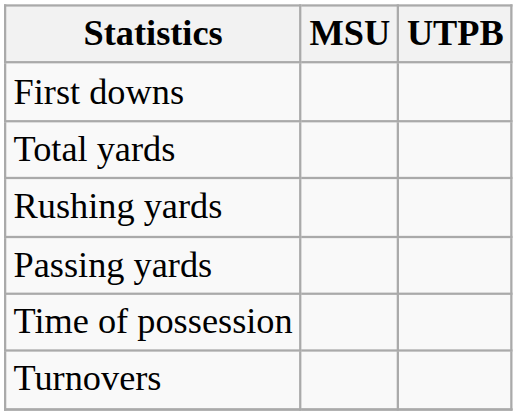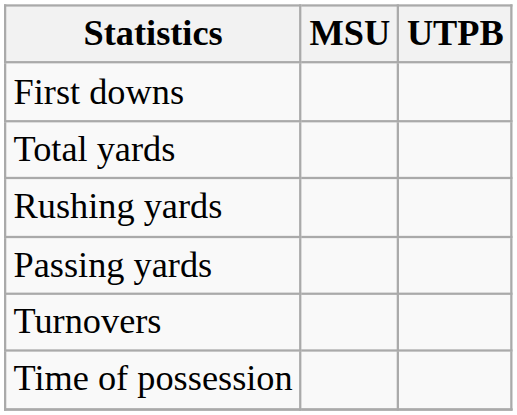 <table class="wikitable" style="float: left;">
 <tr>
 <th>Statistics</th>
 <th>MSU</th>
 <th>UTPB</th>
 </tr>
 <tr>
 <td>First downs</td>
 <td></td>
 <td></td>
 </tr>
 <tr>
 <td>Total yards</td>
 <td></td>
 <td></td>
 </tr>
 <tr>
 <td>Rushing yards</td>
 <td></td>
 <td></td>
 </tr>
 <tr>
 <td>Passing yards</td>
 <td></td>
 <td></td>
 </tr>
 <tr>
-<td>Time of possession</td>
+<td>Turnovers</td>
 <td></td>
 <td></td>
 </tr>
 <tr>
-<td>Turnovers</td>
+<td>Time of possession</td>
 <td></td>
 <td></td>
 </tr>
 <tr>
 </tr>
 </table>
